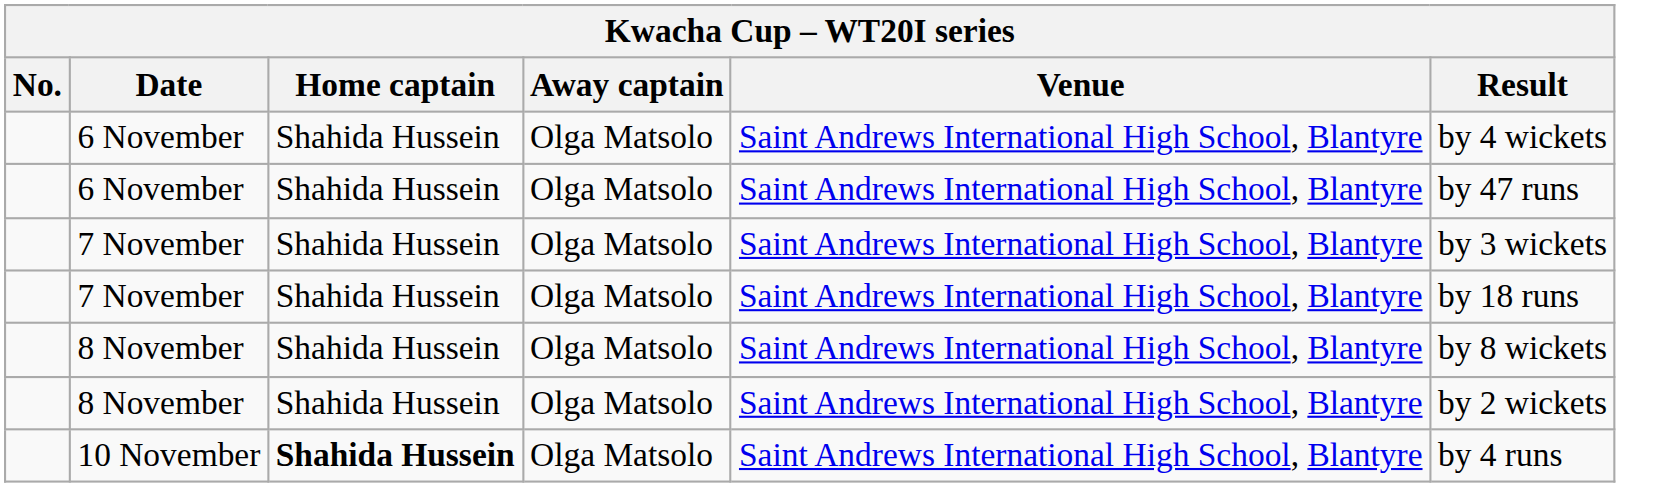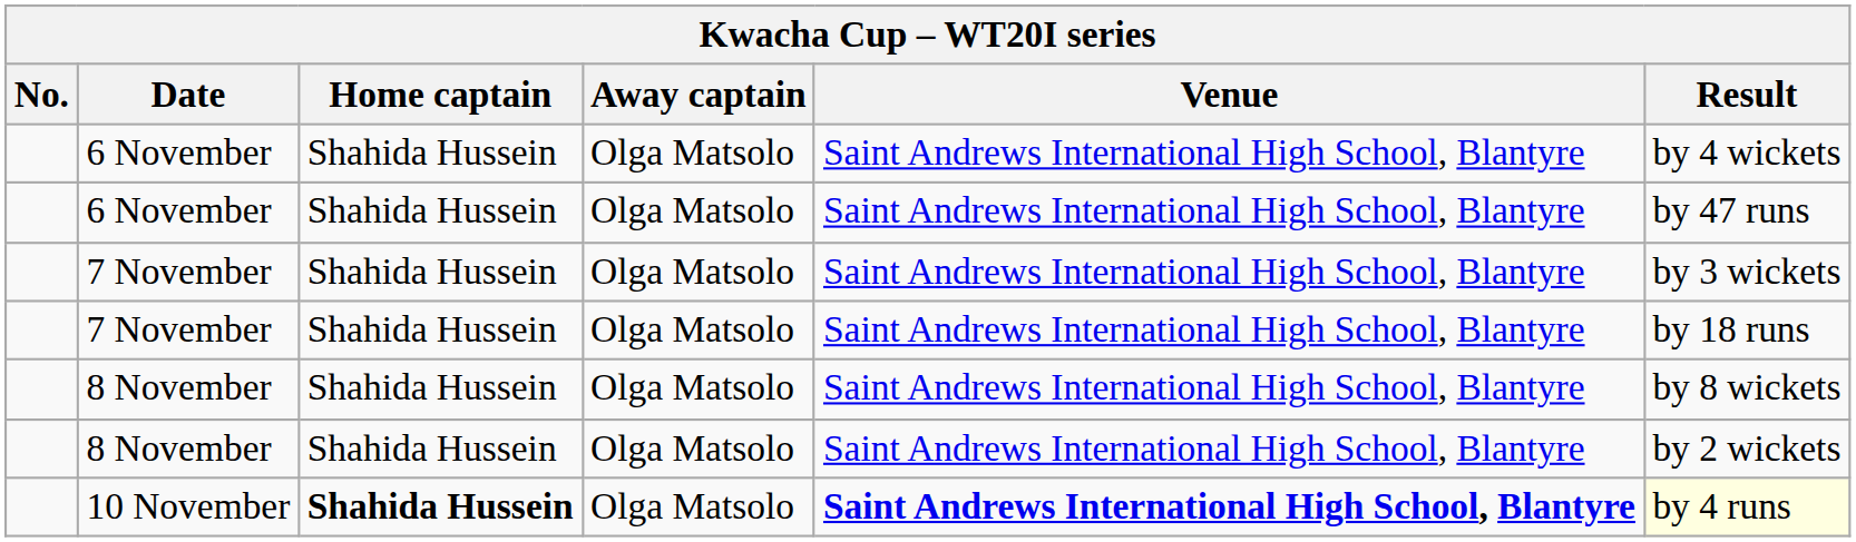 <table class="wikitable">
 <tr>
 <th colspan="8">Kwacha Cup – WT20I series</th>
 </tr>
 <tr>
 <th>No.</th>
 <th>Date</th>
 <th>Home captain</th>
 <th>Away captain</th>
 <th>Venue</th>
 <th>Result</th>
 </tr>
 <tr>
 <td></td>
 <td>6 November</td>
 <td>Shahida Hussein</td>
 <td>Olga Matsolo</td>
 <td><a href='#'>Saint Andrews International High School</a>, <a href='#'>Blantyre</a></td>
 <td> by 4 wickets</td>
 </tr>
 <tr>
 <td></td>
 <td>6 November</td>
 <td>Shahida Hussein</td>
 <td>Olga Matsolo</td>
 <td><a href='#'>Saint Andrews International High School</a>, <a href='#'>Blantyre</a></td>
 <td> by 47 runs</td>
 </tr>
 <tr>
 <td></td>
 <td>7 November</td>
 <td>Shahida Hussein</td>
 <td>Olga Matsolo</td>
 <td><a href='#'>Saint Andrews International High School</a>, <a href='#'>Blantyre</a></td>
 <td> by 3 wickets</td>
 </tr>
 <tr>
 <td></td>
 <td>7 November</td>
 <td>Shahida Hussein</td>
 <td>Olga Matsolo</td>
 <td><a href='#'>Saint Andrews International High School</a>, <a href='#'>Blantyre</a></td>
 <td> by 18 runs</td>
 </tr>
 <tr>
 <td></td>
 <td>8 November</td>
 <td>Shahida Hussein</td>
 <td>Olga Matsolo</td>
 <td><a href='#'>Saint Andrews International High School</a>, <a href='#'>Blantyre</a></td>
 <td> by 8 wickets</td>
 </tr>
 <tr>
 <td></td>
 <td>8 November</td>
 <td>Shahida Hussein</td>
 <td>Olga Matsolo</td>
 <td><a href='#'>Saint Andrews International High School</a>, <a href='#'>Blantyre</a></td>
 <td> by 2 wickets</td>
 </tr>
 <tr>
 <td></td>
 <td>10 November</td>
 <td><strong>Shahida Hussein</strong></td>
 <td>Olga Matsolo</td>
-<td><a href='#'>Saint Andrews International High School</a>, <a href='#'>Blantyre</a></td>
-<td> by 4 runs</td>
+<td><strong><a href='#'>Saint Andrews International High School</a>, <a href='#'>Blantyre</a></strong></td>
+<td style="background: lightyellow;"> by 4 runs</td>
 </tr>
 </table>
